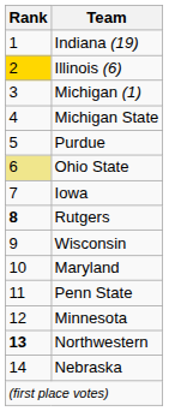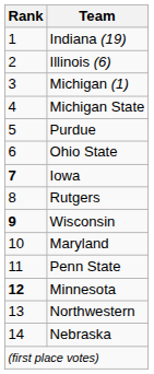 <table class="wikitable">
 <tr>
 <th>Rank</th>
 <th>Team</th>
 </tr>
 <tr>
 <td>1</td>
 <td>Indiana <em>(19)</em></td>
 </tr>
 <tr>
-<td style="background: gold;">2</td>
+<td>2</td>
 <td>Illinois <em>(6)</em></td>
 </tr>
 <tr>
 <td>3</td>
 <td>Michigan <em>(1)</em></td>
 </tr>
 <tr>
 <td>4</td>
 <td>Michigan State</td>
 </tr>
 <tr>
 <td>5</td>
 <td>Purdue</td>
 </tr>
 <tr>
-<td style="background: khaki;">6</td>
+<td>6</td>
 <td>Ohio State</td>
 </tr>
 <tr>
-<td>7</td>
+<td><strong>7</strong></td>
 <td>Iowa</td>
 </tr>
 <tr>
-<td><strong>8</strong></td>
+<td>8</td>
 <td>Rutgers</td>
 </tr>
 <tr>
-<td>9</td>
+<td><strong>9</strong></td>
 <td>Wisconsin</td>
 </tr>
 <tr>
 <td>10</td>
 <td>Maryland</td>
 </tr>
 <tr>
 <td>11</td>
 <td>Penn State</td>
 </tr>
 <tr>
-<td>12</td>
+<td><strong>12</strong></td>
 <td>Minnesota</td>
 </tr>
 <tr>
-<td><strong>13</strong></td>
+<td>13</td>
 <td>Northwestern</td>
 </tr>
 <tr>
 <td>14</td>
 <td>Nebraska</td>
 </tr>
 <tr>
 <td colspan="3" valign="middle"><small><em>(first place votes)</em></small></td>
 </tr>
 </table>
